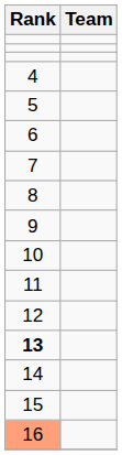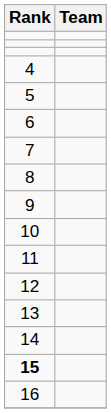 <table class="wikitable" style="text-align:center">
 <tr>
 <th width=40>Rank</th>
 <th>Team</th>
 </tr>
 <tr>
 <td></td>
 <td style="text-align:left"></td>
 </tr>
 <tr>
 <td></td>
 <td style="text-align:left"></td>
 </tr>
 <tr>
 <td></td>
 <td style="text-align:left"></td>
 </tr>
 <tr>
 <td>4</td>
 <td style="text-align:left"></td>
 </tr>
 <tr>
 <td>5</td>
 <td style="text-align:left"></td>
 </tr>
 <tr>
 <td>6</td>
 <td style="text-align:left"></td>
 </tr>
 <tr>
 <td>7</td>
 <td style="text-align:left"></td>
 </tr>
 <tr>
 <td>8</td>
 <td style="text-align:left"></td>
 </tr>
 <tr>
 <td>9</td>
 <td style="text-align:left"></td>
 </tr>
 <tr>
 <td>10</td>
 <td style="text-align:left"></td>
 </tr>
 <tr>
 <td>11</td>
 <td style="text-align:left"></td>
 </tr>
 <tr>
 <td>12</td>
 <td style="text-align:left"></td>
 </tr>
 <tr>
-<td><strong>13</strong></td>
+<td>13</td>
 <td style="text-align:left"></td>
 </tr>
 <tr>
 <td>14</td>
 <td style="text-align:left"></td>
 </tr>
 <tr>
-<td>15</td>
+<td><strong>15</strong></td>
 <td style="text-align:left"></td>
 </tr>
 <tr>
-<td style="background: lightsalmon;">16</td>
+<td>16</td>
 <td style="text-align:left"></td>
 </tr>
 <tr>
 </tr>
 </table>
